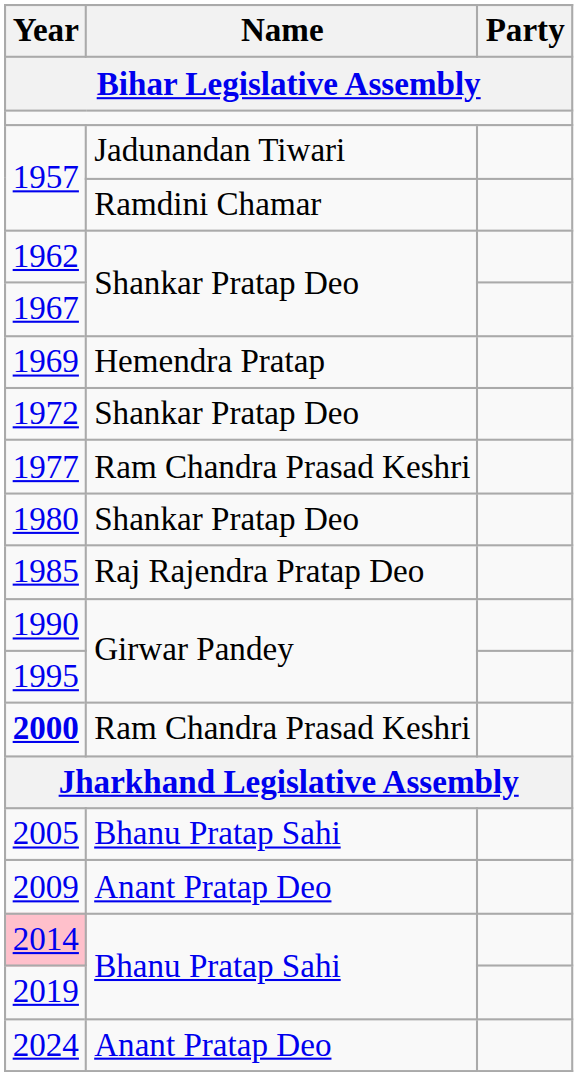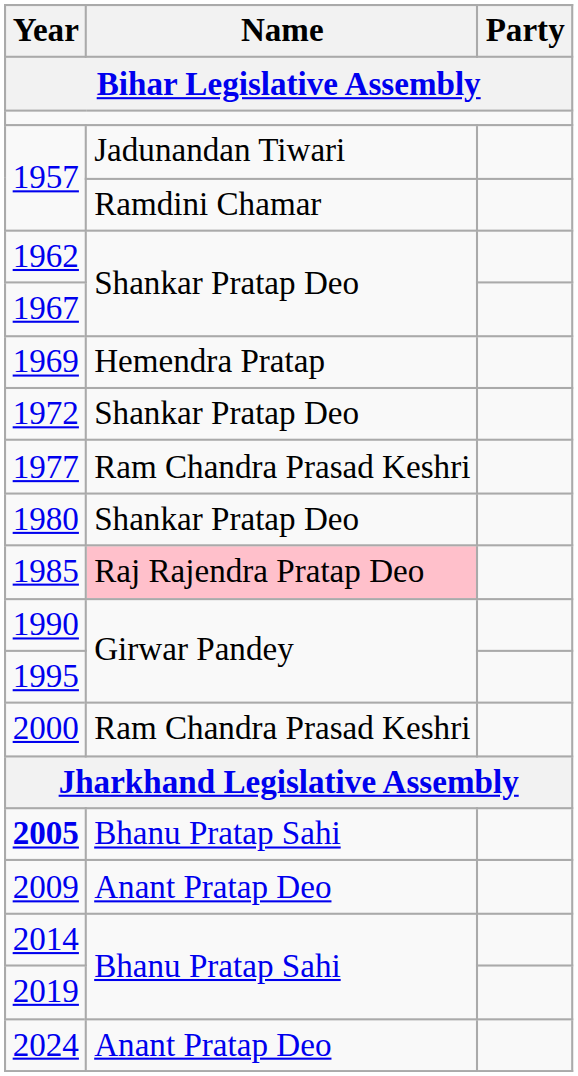 <table class="wikitable sortable">
 <tr>
 <th>Year</th>
 <th>Name</th>
 <th colspan=2>Party</th>
 </tr>
 <tr>
 <th colspan=4><a href='#'>Bihar Legislative Assembly</a></th>
 </tr>
 <tr>
 <td colspan="4"></td>
 </tr>
 <tr>
 <td rowspan="2"><a href='#'>1957</a></td>
 <td>Jadunandan Tiwari</td>
 <td></td>
 </tr>
 <tr>
 <td>Ramdini Chamar</td>
 </tr>
 <tr>
 <td><a href='#'>1962</a></td>
 <td rowspan=2>Shankar Pratap Deo</td>
 <td></td>
 </tr>
 <tr>
 <td><a href='#'>1967</a></td>
 <td></td>
 </tr>
 <tr>
 <td><a href='#'>1969</a></td>
 <td>Hemendra Pratap</td>
 <td></td>
 </tr>
 <tr>
 <td><a href='#'>1972</a></td>
 <td>Shankar Pratap Deo</td>
 <td></td>
 </tr>
 <tr>
 <td><a href='#'>1977</a></td>
 <td>Ram Chandra Prasad Keshri</td>
 <td></td>
 </tr>
 <tr>
 <td><a href='#'>1980</a></td>
 <td>Shankar Pratap Deo</td>
 <td></td>
 </tr>
 <tr>
 <td><a href='#'>1985</a></td>
-<td>Raj Rajendra Pratap Deo</td>
+<td style="background: pink;">Raj Rajendra Pratap Deo</td>
 </tr>
 <tr>
 <td><a href='#'>1990</a></td>
 <td rowspan="2">Girwar Pandey</td>
 <td></td>
 </tr>
 <tr>
 <td><a href='#'>1995</a></td>
 </tr>
 <tr>
-<td><strong><a href='#'>2000</a></strong></td>
+<td><a href='#'>2000</a></td>
 <td>Ram Chandra Prasad Keshri</td>
 <td></td>
 </tr>
 <tr>
 <th colspan=4><a href='#'>Jharkhand Legislative Assembly</a></th>
 </tr>
 <tr>
-<td><a href='#'>2005</a></td>
+<td><strong><a href='#'>2005</a></strong></td>
 <td><a href='#'>Bhanu Pratap Sahi</a></td>
 <td></td>
 </tr>
 <tr>
 <td><a href='#'>2009</a></td>
 <td><a href='#'>Anant Pratap Deo</a></td>
 <td></td>
 </tr>
 <tr>
-<td style="background: pink;"><a href='#'>2014</a></td>
+<td><a href='#'>2014</a></td>
 <td rowspan=2><a href='#'>Bhanu Pratap Sahi</a></td>
 <td></td>
 </tr>
 <tr>
 <td><a href='#'>2019</a></td>
 <td></td>
 </tr>
 <tr>
 <td><a href='#'>2024</a></td>
 <td><a href='#'>Anant Pratap Deo</a></td>
 <td></td>
 </tr>
 </table>
